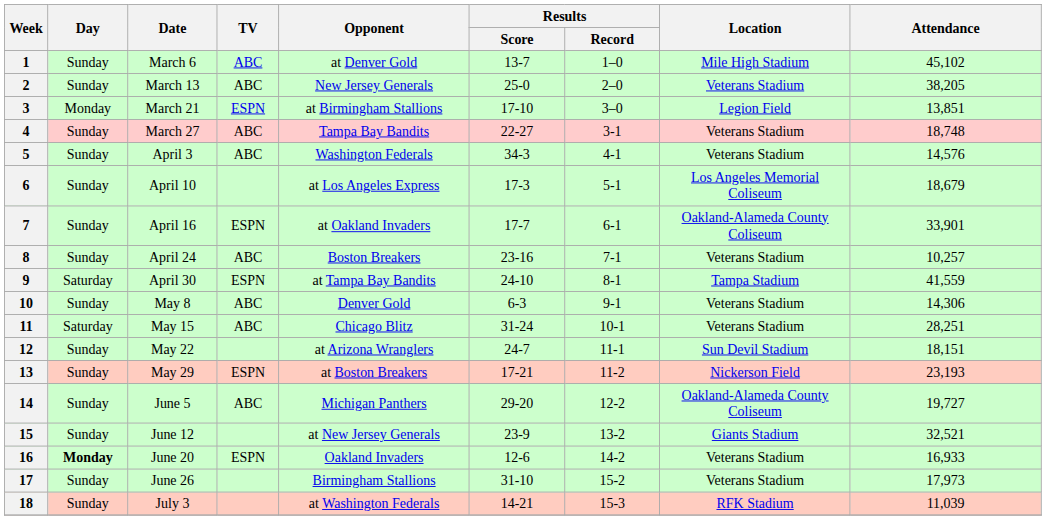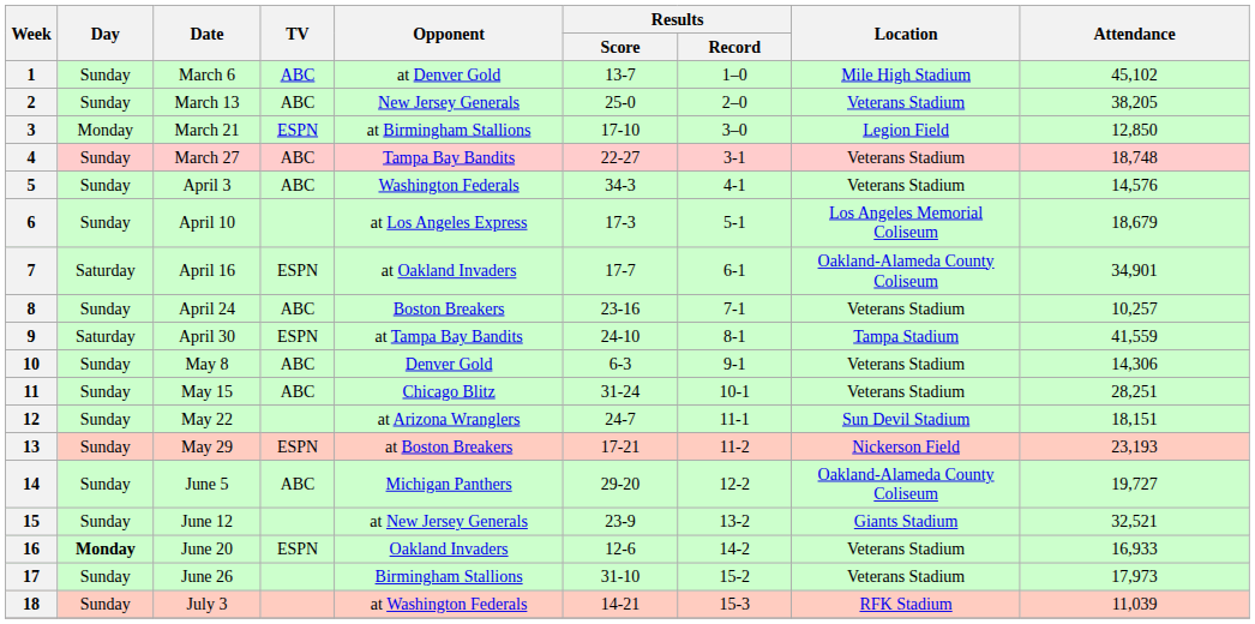 <table class="wikitable" style="text-align:center; font-size: 95%;">
 <tr>
 <th rowspan="2" width="40">Week</th>
 <th rowspan="2" width="80">Day</th>
 <th rowspan="2" width="90">Date</th>
 <th rowspan="2" width="60">TV</th>
 <th rowspan="2" width="200">Opponent</th>
 <th colspan="2" width="200">Results</th>
 <th rowspan="2" width="200">Location</th>
 <th rowspan="2" width="200">Attendance</th>
 </tr>
 <tr>
 <th width="60">Score</th>
 <th width="60">Record</th>
 </tr>
 <tr bgcolor=#ccffcc>
 <th>1</th>
 <td>Sunday</td>
 <td>March 6</td>
 <td><a href='#'>ABC</a></td>
 <td>at <a href='#'>Denver Gold</a></td>
 <td>13-7</td>
 <td>1–0</td>
 <td><a href='#'>Mile High Stadium</a></td>
 <td>45,102</td>
 </tr>
 <tr bgcolor=#ccffcc>
 <th>2</th>
 <td>Sunday</td>
 <td>March 13</td>
 <td>ABC</td>
 <td><a href='#'>New Jersey Generals</a></td>
 <td>25-0</td>
 <td>2–0</td>
 <td><a href='#'>Veterans Stadium</a></td>
 <td>38,205</td>
 </tr>
 <tr bgcolor=#ccffcc>
 <th>3</th>
 <td>Monday</td>
 <td>March 21</td>
 <td><a href='#'>ESPN</a></td>
 <td>at <a href='#'>Birmingham Stallions</a></td>
 <td>17-10</td>
 <td>3–0</td>
 <td><a href='#'>Legion Field</a></td>
-<td>13,851</td>
+<td>12,850</td>
 </tr>
 <tr bgcolor=#ffcccc>
 <th>4</th>
 <td>Sunday</td>
 <td>March 27</td>
 <td>ABC</td>
 <td><a href='#'>Tampa Bay Bandits</a></td>
 <td>22-27</td>
 <td>3-1</td>
 <td>Veterans Stadium</td>
 <td>18,748</td>
 </tr>
 <tr bgcolor=#ccffcc>
 <th>5</th>
 <td>Sunday</td>
 <td>April 3</td>
 <td>ABC</td>
 <td><a href='#'>Washington Federals</a></td>
 <td>34-3</td>
 <td>4-1</td>
 <td>Veterans Stadium</td>
 <td>14,576</td>
 </tr>
 <tr bgcolor=#ccffcc>
 <th>6</th>
 <td>Sunday</td>
 <td>April 10</td>
 <td></td>
 <td>at <a href='#'>Los Angeles Express</a></td>
 <td>17-3</td>
 <td>5-1</td>
 <td><a href='#'>Los Angeles Memorial Coliseum</a></td>
 <td>18,679</td>
 </tr>
 <tr bgcolor=#ccffcc>
 <th>7</th>
-<td>Sunday</td>
+<td>Saturday</td>
 <td>April 16</td>
 <td>ESPN</td>
 <td>at <a href='#'>Oakland Invaders</a></td>
 <td>17-7</td>
 <td>6-1</td>
 <td><a href='#'>Oakland-Alameda County Coliseum</a></td>
-<td>33,901</td>
+<td>34,901</td>
 </tr>
 <tr bgcolor=#ccffcc>
 <th>8</th>
 <td>Sunday</td>
 <td>April 24</td>
 <td>ABC</td>
 <td><a href='#'>Boston Breakers</a></td>
 <td>23-16</td>
 <td>7-1</td>
 <td>Veterans Stadium</td>
 <td>10,257</td>
 </tr>
 <tr bgcolor=#ccffcc>
 <th>9</th>
 <td>Saturday</td>
 <td>April 30</td>
 <td>ESPN</td>
 <td>at <a href='#'>Tampa Bay Bandits</a></td>
 <td>24-10</td>
 <td>8-1</td>
 <td><a href='#'>Tampa Stadium</a></td>
 <td>41,559</td>
 </tr>
 <tr bgcolor=#ccffcc>
 <th>10</th>
 <td>Sunday</td>
 <td>May 8</td>
 <td>ABC</td>
 <td><a href='#'>Denver Gold</a></td>
 <td>6-3</td>
 <td>9-1</td>
 <td>Veterans Stadium</td>
 <td>14,306</td>
 </tr>
 <tr bgcolor=#ccffcc>
 <th>11</th>
-<td>Saturday</td>
+<td>Sunday</td>
 <td>May 15</td>
 <td>ABC</td>
 <td><a href='#'>Chicago Blitz</a></td>
 <td>31-24</td>
 <td>10-1</td>
 <td>Veterans Stadium</td>
 <td>28,251</td>
 </tr>
 <tr bgcolor=#ccffcc>
 <th>12</th>
 <td>Sunday</td>
 <td>May 22</td>
 <td></td>
 <td>at <a href='#'>Arizona Wranglers</a></td>
 <td>24-7</td>
 <td>11-1</td>
 <td><a href='#'>Sun Devil Stadium</a></td>
 <td>18,151</td>
 </tr>
 <tr bgcolor=#ffccc>
 <th>13</th>
 <td>Sunday</td>
 <td>May 29</td>
 <td>ESPN</td>
 <td>at <a href='#'>Boston Breakers</a></td>
 <td>17-21</td>
 <td>11-2</td>
 <td><a href='#'>Nickerson Field</a></td>
 <td>23,193</td>
 </tr>
 <tr bgcolor=#ccffcc>
 <th>14</th>
 <td>Sunday</td>
 <td>June 5</td>
 <td>ABC</td>
 <td><a href='#'>Michigan Panthers</a></td>
 <td>29-20</td>
 <td>12-2</td>
 <td><a href='#'>Oakland-Alameda County Coliseum</a></td>
 <td>19,727</td>
 </tr>
 <tr bgcolor=#ccffcc>
 <th>15</th>
 <td>Sunday</td>
 <td>June 12</td>
 <td></td>
 <td>at <a href='#'>New Jersey Generals</a></td>
 <td>23-9</td>
 <td>13-2</td>
 <td><a href='#'>Giants Stadium</a></td>
 <td>32,521</td>
 </tr>
 <tr bgcolor=#ccffcc>
 <th>16</th>
 <td><strong>Monday</strong></td>
 <td>June 20</td>
 <td>ESPN</td>
 <td><a href='#'>Oakland Invaders</a></td>
 <td>12-6</td>
 <td>14-2</td>
 <td>Veterans Stadium</td>
 <td>16,933</td>
 </tr>
 <tr bgcolor=#ccffcc>
 <th>17</th>
 <td>Sunday</td>
 <td>June 26</td>
 <td></td>
 <td><a href='#'>Birmingham Stallions</a></td>
 <td>31-10</td>
 <td>15-2</td>
 <td>Veterans Stadium</td>
 <td>17,973</td>
 </tr>
 <tr bgcolor=#ffccc>
 <th>18</th>
 <td>Sunday</td>
 <td>July 3</td>
 <td></td>
 <td>at <a href='#'>Washington Federals</a></td>
 <td>14-21</td>
 <td>15-3</td>
 <td><a href='#'>RFK Stadium</a></td>
 <td>11,039</td>
 </tr>
 <tr bgcolor=#ccffcc>
 </tr>
 </table>
